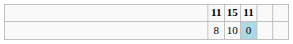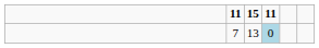 <table class="wikitable">
 <tr>
 <td style="width:18em"><strong></strong></td>
 <td align=center style="width:1em"><strong>11</strong></td>
 <td align=center style="width:1em"><strong>15</strong></td>
 <td align=center style="width:1em"><strong>11</strong></td>
 <td align=center style="width:1em"></td>
 <td align=center style="width:1em"></td>
 </tr>
 <tr>
 <td style="width:18em"></td>
-<td align=center style="width:1em">8</td>
-<td align=center style="width:1em">10</td>
+<td align=center style="width:1em">7</td>
+<td align=center style="width:1em">13</td>
 <td align=center style="background: lightblue; width:1em">0</td>
 <td align=center style="width:1em"></td>
 <td align=center style="width:1em"></td>
 </tr>
 </table>
